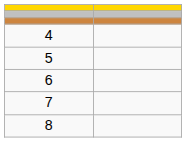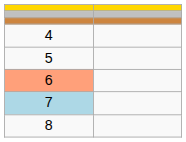 <table class="wikitable" style="width:200px;">
 <tr style="background:gold;">
 <td align=center></td>
 <td></td>
 </tr>
 <tr style="background:silver;">
 <td align=center></td>
 <td></td>
 </tr>
 <tr style="background:peru;">
 <td align=center></td>
 <td></td>
 </tr>
 <tr>
 <td align=center>4</td>
 <td>  </td>
 </tr>
 <tr>
 <td align=center>5</td>
 <td></td>
 </tr>
 <tr>
-<td align=center>6</td>
+<td align=center style="background: lightsalmon;">6</td>
 <td></td>
 </tr>
 <tr>
-<td align=center>7</td>
+<td align=center style="background: lightblue;">7</td>
 <td></td>
 </tr>
 <tr>
 <td align=center>8</td>
 <td></td>
 </tr>
 </table>
